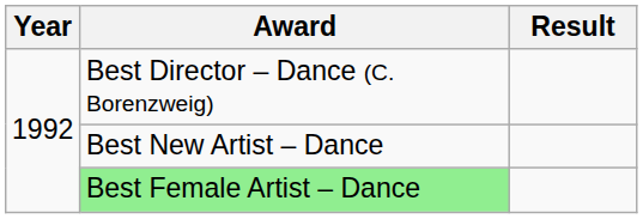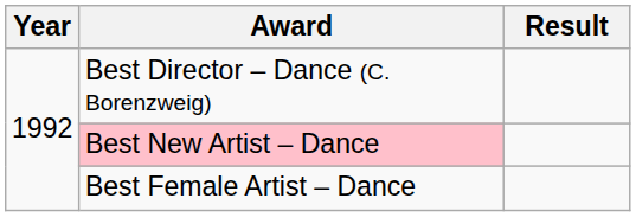 <table class="wikitable">
 <tr>
 <th>Year</th>
 <th width=242>Award</th>
 <th width=66>Result</th>
 </tr>
 <tr>
 <td rowspan=3>1992</td>
 <td>Best Director – Dance <small>(C. Borenzweig)</small></td>
 <td></td>
 </tr>
 <tr>
-<td>Best New Artist – Dance</td>
+<td style="background: pink;">Best New Artist – Dance</td>
 <td></td>
 </tr>
 <tr>
-<td style="background: lightgreen;">Best Female Artist – Dance</td>
+<td>Best Female Artist – Dance</td>
 <td></td>
 </tr>
 </table>
